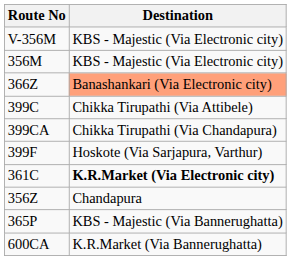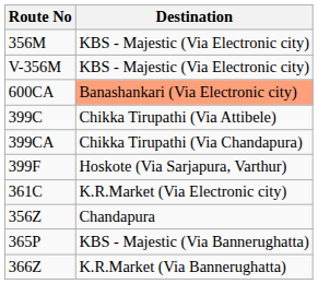 <table class="wikitable">
 <tr>
 <th>Route No</th>
 <th>Destination</th>
 </tr>
 <tr>
+<td>356M</td>
+<td>KBS - Majestic (Via Electronic city)</td>
+</tr>
+<tr>
 <td>V-356M</td>
 <td>KBS - Majestic (Via Electronic city)</td>
 </tr>
 <tr>
-<td>356M</td>
-<td>KBS - Majestic (Via Electronic city)</td>
-</tr>
-<tr>
-<td>366Z</td>
+<td>600CA</td>
 <td style="background: lightsalmon;">Banashankari (Via Electronic city)</td>
 </tr>
 <tr>
 <td>399C</td>
 <td>Chikka Tirupathi (Via Attibele)</td>
 </tr>
 <tr>
 <td>399CA</td>
 <td>Chikka Tirupathi (Via Chandapura)</td>
 </tr>
 <tr>
 <td>399F</td>
 <td>Hoskote (Via Sarjapura, Varthur)</td>
 </tr>
 <tr>
 <td>361C</td>
-<td><strong>K.R.Market (Via Electronic city)</strong></td>
+<td>K.R.Market (Via Electronic city)</td>
 </tr>
 <tr>
 <td>356Z</td>
 <td>Chandapura</td>
 </tr>
 <tr>
 <td>365P</td>
 <td>KBS - Majestic (Via Bannerughatta)</td>
 </tr>
 <tr>
-<td>600CA</td>
+<td>366Z</td>
 <td>K.R.Market (Via Bannerughatta)</td>
 </tr>
 </table>
